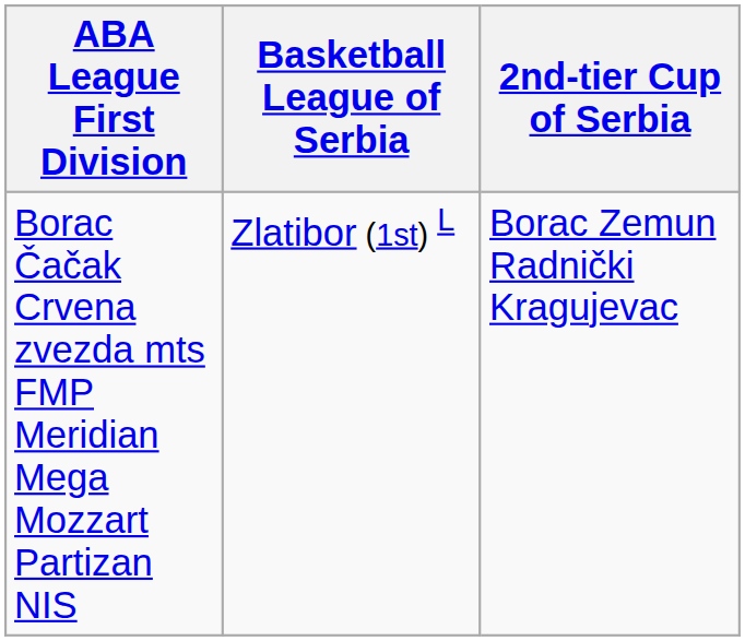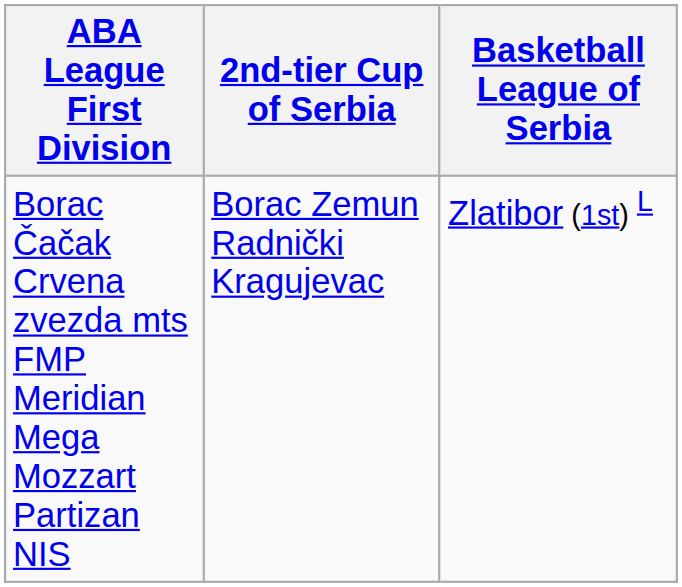 <table class=wikitable width=50%>
 <tr>
 <th width=13%><a href='#'>ABA League First Division</a></th>
+<th width=13%><a href='#'>2nd-tier Cup of Serbia</a></th>
 <th width=13%><a href='#'>Basketball League of Serbia</a></th>
-<th width=13%><a href='#'>2nd-tier Cup of Serbia</a></th>
 </tr>
 <tr valign=top>
 <td><a href='#'>Borac Čačak</a><br><a href='#'>Crvena zvezda mts</a><br><a href='#'>FMP Meridian</a><br><a href='#'>Mega Mozzart</a><br><a href='#'>Partizan NIS</a></td>
+<td><a href='#'>Borac Zemun</a><br><a href='#'>Radnički Kragujevac</a></td>
 <td><a href='#'>Zlatibor</a><small> (<a href='#'>1st</a>) </small><sup><a href='#'>L</a></sup></td>
-<td><a href='#'>Borac Zemun</a><br><a href='#'>Radnički Kragujevac</a></td>
 </tr>
 </table>
